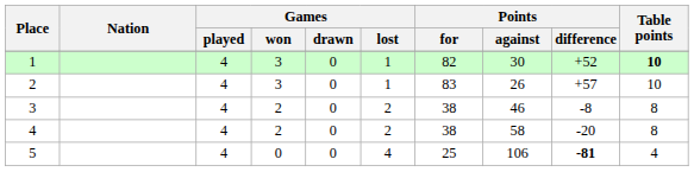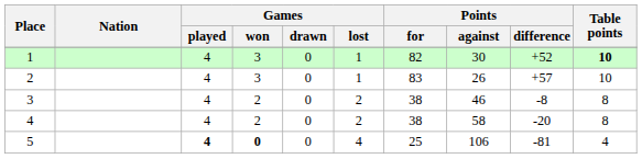 <table class="wikitable">
 <tr>
 <th rowspan=2 width="8%">Place</th>
 <th rowspan=2 width="20%">Nation</th>
 <th colspan=4 width="32%">Games</th>
 <th colspan=3 width="30%">Points</th>
 <th rowspan=2 width="10%">Table<br>points</th>
 </tr>
 <tr>
 <th width="8%">played</th>
 <th width="8%">won</th>
 <th width="8%">drawn</th>
 <th width="8%">lost</th>
 <th width="10%">for</th>
 <th width="10%">against</th>
 <th width="10%">difference</th>
 </tr>
 <tr>
 </tr>
 <tr bgcolor=#ccffcc align=center>
 <td>1</td>
 <td align=left><strong></strong></td>
 <td>4</td>
 <td>3</td>
 <td>0</td>
 <td>1</td>
 <td>82</td>
 <td>30</td>
 <td>+52</td>
 <td><strong>10</strong></td>
 </tr>
 <tr bgcolor=#ffffff align=center>
 <td>2</td>
 <td align=left></td>
 <td>4</td>
 <td>3</td>
 <td>0</td>
 <td>1</td>
 <td>83</td>
 <td>26</td>
 <td>+57</td>
 <td>10</td>
 </tr>
 <tr bgcolor=#ffffff align=center>
 <td>3</td>
 <td align=left></td>
 <td>4</td>
 <td>2</td>
 <td>0</td>
 <td>2</td>
 <td>38</td>
 <td>46</td>
 <td>-8</td>
 <td>8</td>
 </tr>
 <tr bgcolor=#ffffff align=center>
 <td>4</td>
 <td align=left></td>
 <td>4</td>
 <td>2</td>
 <td>0</td>
 <td>2</td>
 <td>38</td>
 <td>58</td>
 <td>-20</td>
 <td>8</td>
 </tr>
 <tr bgcolor=#ffffff align=center>
 <td>5</td>
 <td align=left></td>
-<td>4</td>
-<td>0</td>
+<td><strong>4</strong></td>
+<td><strong>0</strong></td>
 <td>0</td>
 <td>4</td>
 <td>25</td>
 <td>106</td>
-<td><strong>-81</strong></td>
+<td>-81</td>
 <td>4</td>
 </tr>
 </table>
